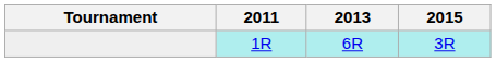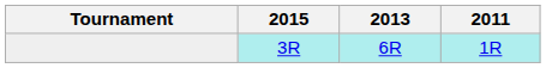 <table class="wikitable" style="width:30%">
 <tr>
 <th>Tournament</th>
+<th>2015</th>
+<th>2013</th>
 <th>2011</th>
-<th>2013</th>
-<th>2015</th>
 </tr>
 <tr>
 <td style="background:#efefef;"></td>
+<td style="text-align:center; background:#afeeee;"><a href='#'>3R</a></td>
+<td style="text-align:center; background:#afeeee;"><a href='#'>6R</a></td>
 <td style="text-align:center; background:#afeeee;"><a href='#'>1R</a></td>
-<td style="text-align:center; background:#afeeee;"><a href='#'>6R</a></td>
-<td style="text-align:center; background:#afeeee;"><a href='#'>3R</a></td>
 </tr>
 </table>
